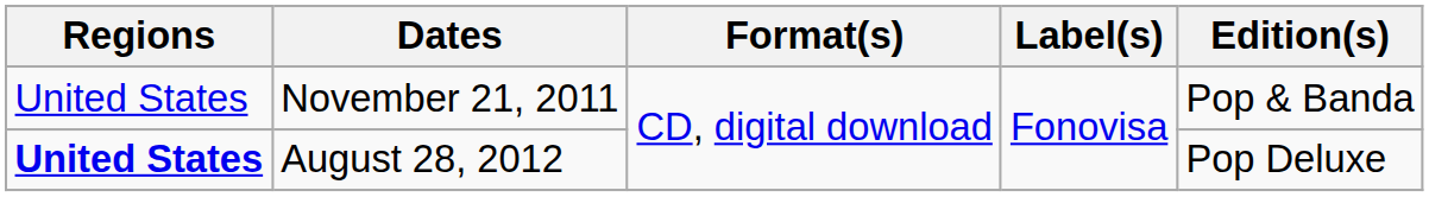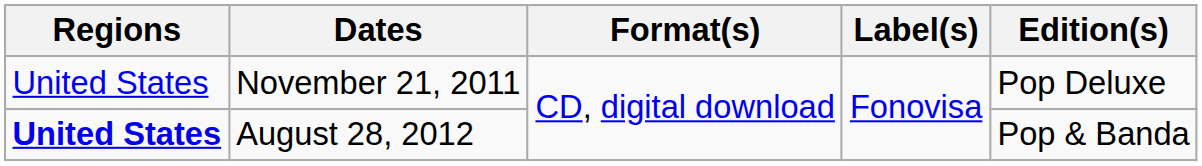 <table class="wikitable plainrowheaders">
 <tr>
 <th scope="col">Regions</th>
 <th scope="col">Dates</th>
 <th scope="col">Format(s)</th>
 <th scope="col">Label(s)</th>
 <th scope="col">Edition(s)</th>
 </tr>
 <tr>
 <td><a href='#'>United States</a></td>
 <td>November 21, 2011</td>
 <td rowspan=2><a href='#'>CD</a>, <a href='#'>digital download</a></td>
 <td rowspan=2><a href='#'>Fonovisa</a></td>
-<td>Pop & Banda</td>
+<td>Pop Deluxe</td>
 </tr>
 <tr>
 <td><strong><a href='#'>United States</a></strong></td>
 <td>August 28, 2012</td>
-<td>Pop Deluxe</td>
+<td>Pop & Banda</td>
 </tr>
 </table>
